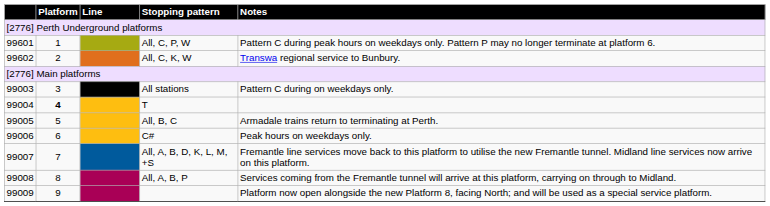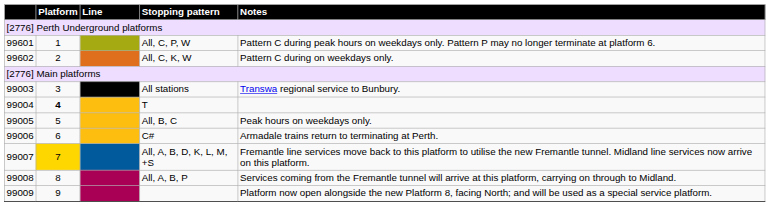 <table class="wikitable" style="float: none; margin-center: 1em; margin-bottom: 0.5em; border: black solid 1px; text-align:center;">
 <tr style="color:#FFFFFF;">
 <th style="background:#000000; text-align:left;"></th>
 <th style="background:#000000; text-align:left;">Platform</th>
 <th style="background:#000000; text-align:left; width:90px;">Line</th>
 <th style="background:#000000; text-align:left;">Stopping pattern</th>
 <th style="background:#000000; text-align:left;">Notes</th>
 </tr>
 <tr>
 <td colspan="5" style="background:#EDF; text-align:left;">[2776] Perth Underground platforms</td>
 </tr>
 <tr>
 <td>99601</td>
 <td>1</td>
 <td style="color:white; background:#A6AA12;"><strong><a href='#'></a></strong></td>
 <td style="text-align:left;">All, C, P, W</td>
 <td style="text-align:left;">Pattern C during peak hours on weekdays only. Pattern P may no longer terminate at platform 6.</td>
 </tr>
 <tr>
 <td>99602</td>
 <td>2</td>
 <td style="color:white; background:#E06F1D;"><strong><a href='#'></a></strong></td>
 <td style="text-align:left;">All, C, K, W</td>
-<td style="text-align:left;"><a href='#'>Transwa</a> regional service to Bunbury.</td>
+<td style="text-align:left;">Pattern C during on weekdays only.</td>
 </tr>
 <tr>
 <td colspan="5" style="background:#EDF; text-align:left;">[2776] Main platforms</td>
 </tr>
 <tr>
 <td>99003</td>
 <td>3</td>
 <td style="color:#E0730E; background:#000000;"><strong><a href='#'></a></strong></td>
 <td style="text-align:left;">All stations</td>
-<td style="text-align:left;">Pattern C during on weekdays only.</td>
+<td style="text-align:left;"><a href='#'>Transwa</a> regional service to Bunbury.</td>
 </tr>
 <tr>
 <td>99004</td>
 <td><strong>4</strong></td>
 <td style="color:black; background:#FEBE10;"><strong><a href='#'></a></strong></td>
 <td style="text-align:left;">T</td>
 <td></td>
 </tr>
 <tr>
 <td>99005</td>
 <td>5</td>
 <td style="color:black; background:#FEBE10;"><strong><a href='#'></a></strong></td>
 <td style="text-align:left;">All, B, C</td>
-<td style="text-align:left;">Armadale trains return to terminating at Perth.</td>
+<td style="text-align:left;">Peak hours on weekdays only.</td>
 </tr>
 <tr>
 <td>99006</td>
 <td>6</td>
 <td style="color:black; background:#FEBE10;"><strong><a href='#'></a></strong></td>
 <td style="text-align:left;">C#</td>
-<td style="text-align:left;">Peak hours on weekdays only.</td>
+<td style="text-align:left;">Armadale trains return to terminating at Perth.</td>
 </tr>
 <tr>
 <td>99007</td>
-<td>7</td>
+<td style="background: gold;">7</td>
 <td style="color:white; background:#005A9C;"><strong><a href='#'></a></strong></td>
 <td style="text-align:left;">All, A, B, D, K, L, M, +S</td>
 <td style="text-align:left;">Fremantle line services move back to this platform to utilise the new Fremantle tunnel. Midland line services now arrive on this platform.</td>
 </tr>
 <tr>
 <td>99008</td>
 <td>8</td>
 <td style="color:white; background:#A90056;"><strong><a href='#'></a></strong></td>
 <td style="text-align:left;">All, A, B, P</td>
 <td style="text-align:left;">Services coming from the Fremantle tunnel will arrive at this platform, carrying on through to Midland.</td>
 </tr>
 <tr>
 <td>99009</td>
 <td>9</td>
 <td style="color:white; background:#A90056;"><strong><a href='#'></a></strong></td>
 <td></td>
 <td style="text-align:left;">Platform now open alongside the new Platform 8, facing North; and will be used as a special service platform.</td>
 </tr>
 <tr>
 </tr>
 </table>
